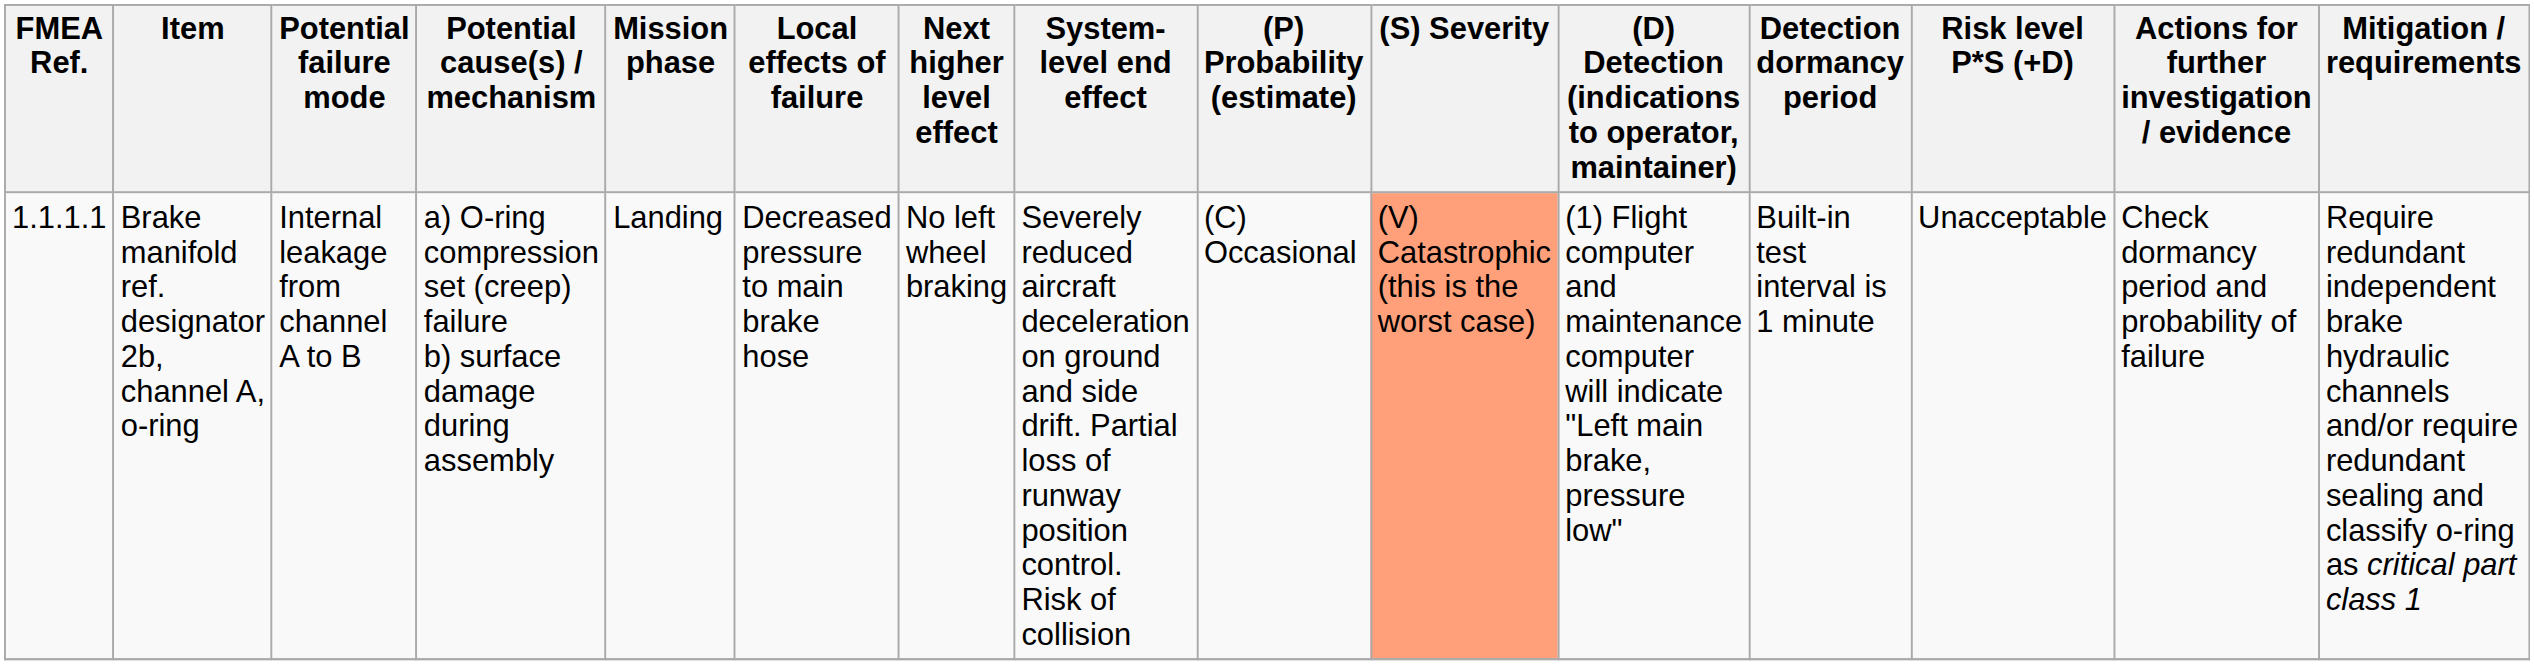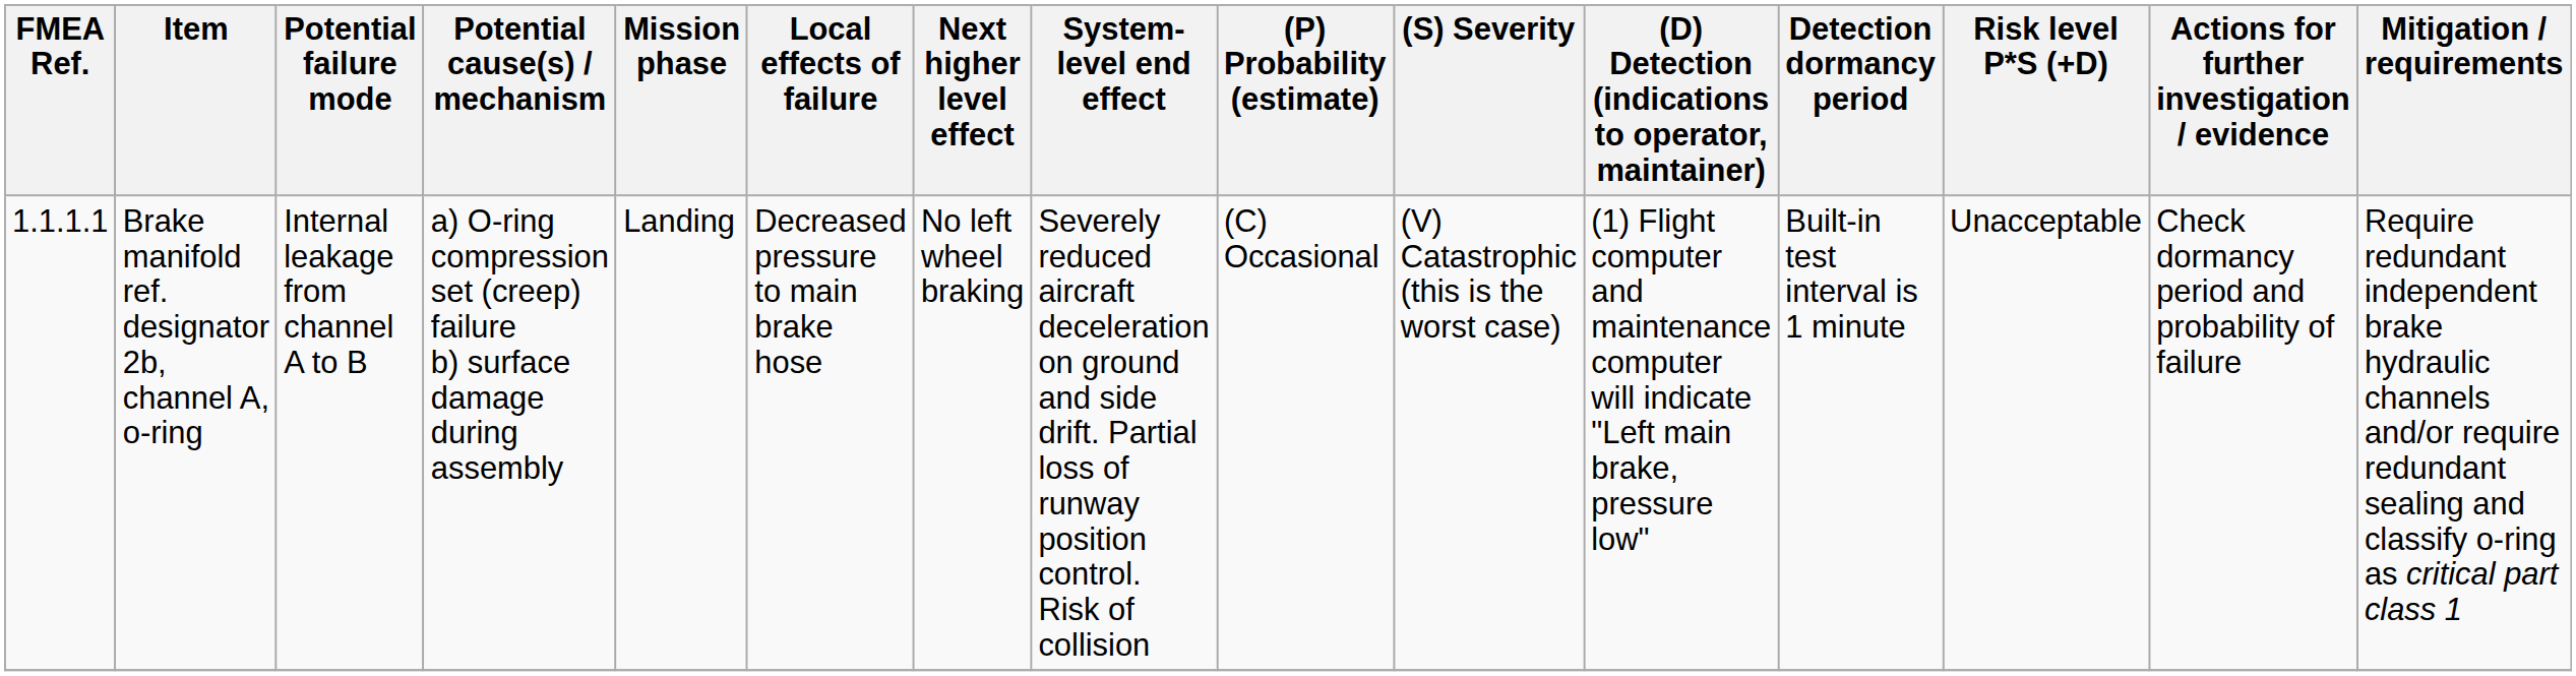 <table class="wikitable">
 <tr valign="top">
 <th>FMEA Ref.</th>
 <th>Item</th>
 <th>Potential failure mode</th>
 <th>Potential cause(s) / mechanism</th>
 <th>Mission phase</th>
 <th>Local effects of failure</th>
 <th>Next higher level effect</th>
 <th>System-level end effect</th>
 <th>(P) Probability (estimate)</th>
 <th>(S) Severity</th>
 <th>(D) Detection (indications to operator, maintainer)</th>
 <th>Detection dormancy period</th>
 <th>Risk level P*S (+D)</th>
 <th>Actions for further investigation / evidence</th>
 <th>Mitigation / requirements</th>
 </tr>
 <tr valign="top">
 <td>1.1.1.1</td>
 <td>Brake manifold ref. designator 2b, channel A, o-ring</td>
 <td>Internal leakage from channel A to B</td>
 <td>a) O-ring compression set (creep) failure<br>b) surface damage during assembly</td>
 <td>Landing</td>
 <td>Decreased pressure to main brake hose</td>
 <td>No left wheel braking</td>
 <td>Severely reduced aircraft deceleration on ground and side drift. Partial loss of runway position control. Risk of collision</td>
 <td>(C) Occasional</td>
-<td style="background: lightsalmon;">(V) Catastrophic (this is the worst case)</td>
+<td>(V) Catastrophic (this is the worst case)</td>
 <td>(1) Flight computer and maintenance computer will indicate "Left main brake, pressure low"</td>
 <td>Built-in test interval is 1 minute</td>
 <td>Unacceptable</td>
 <td>Check dormancy period and probability of failure</td>
 <td>Require redundant independent brake hydraulic channels and/or require redundant sealing and classify o-ring as <em>critical part class 1</em></td>
 </tr>
 <tr>
 </tr>
 </table>
